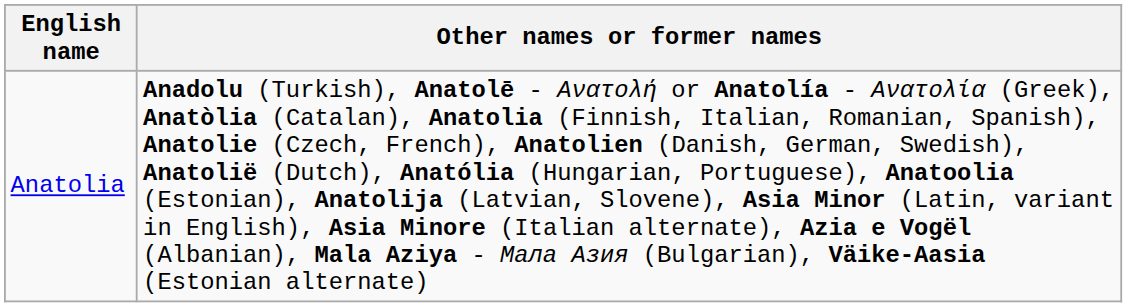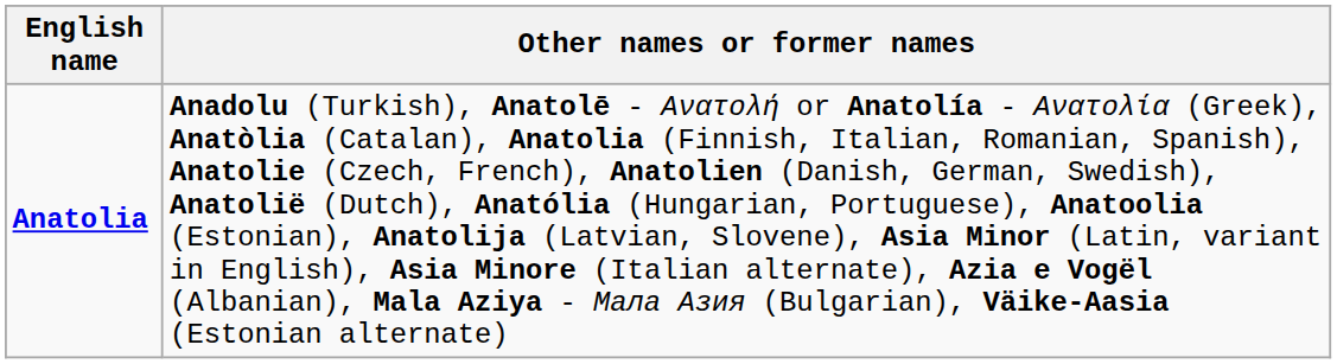 <table class="wikitable">
 <tr>
 <th>English name</th>
 <th>Other names or former names</th>
 </tr>
 <tr>
-<td><a href='#'>Anatolia</a></td>
+<td><strong><a href='#'>Anatolia</a></strong></td>
 <td><strong>Anadolu</strong> (Turkish), <strong>Αnatolē</strong> - <em>Aνατολή</em> or <strong>Anatolía</strong> - <em>Ανατολία</em> (Greek), <strong>Anatòlia</strong> (Catalan), <strong>Anatolia</strong> (Finnish, Italian, Romanian, Spanish), <strong>Anatolie</strong> (Czech, French), <strong>Anatolien</strong> (Danish, German, Swedish), <strong>Anatolië</strong> (Dutch), <strong>Anatólia</strong> (Hungarian, Portuguese), <strong>Anatoolia</strong> (Estonian), <strong>Anatolija</strong> (Latvian, Slovene), <strong>Asia Minor</strong> (Latin, variant in English), <strong>Asia Minore</strong> (Italian alternate), <strong>Azia e Vogël</strong> (Albanian), <strong>Mala Aziya</strong> - <em>Мала Азия</em> (Bulgarian), <strong>Väike-Aasia</strong> (Estonian alternate)</td>
 </tr>
 </table>
